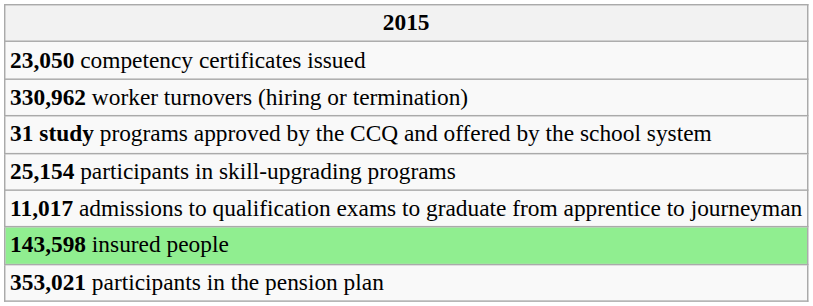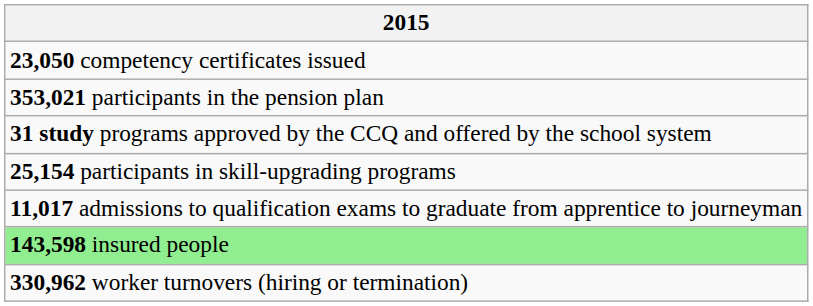 <table class="wikitable">
 <tr>
 <th>2015</th>
 </tr>
 <tr>
 <td><strong>23,050</strong> competency certificates issued</td>
 </tr>
 <tr>
-<td><strong>330,962</strong> worker turnovers (hiring or termination)</td>
+<td><strong>353,021</strong> participants in the pension plan</td>
 </tr>
 <tr>
 <td><strong>31 study</strong> programs approved by the CCQ and offered by the school system</td>
 </tr>
 <tr>
 <td><strong>25,154</strong> participants in skill-upgrading programs</td>
 </tr>
 <tr>
 <td><strong>11,017</strong> admissions to qualification exams to graduate from apprentice to journeyman</td>
 </tr>
 <tr>
 <td style="background: lightgreen;"><strong>143,598</strong> insured people</td>
 </tr>
 <tr>
-<td><strong>353,021</strong> participants in the pension plan</td>
+<td><strong>330,962</strong> worker turnovers (hiring or termination)</td>
 </tr>
 </table>
